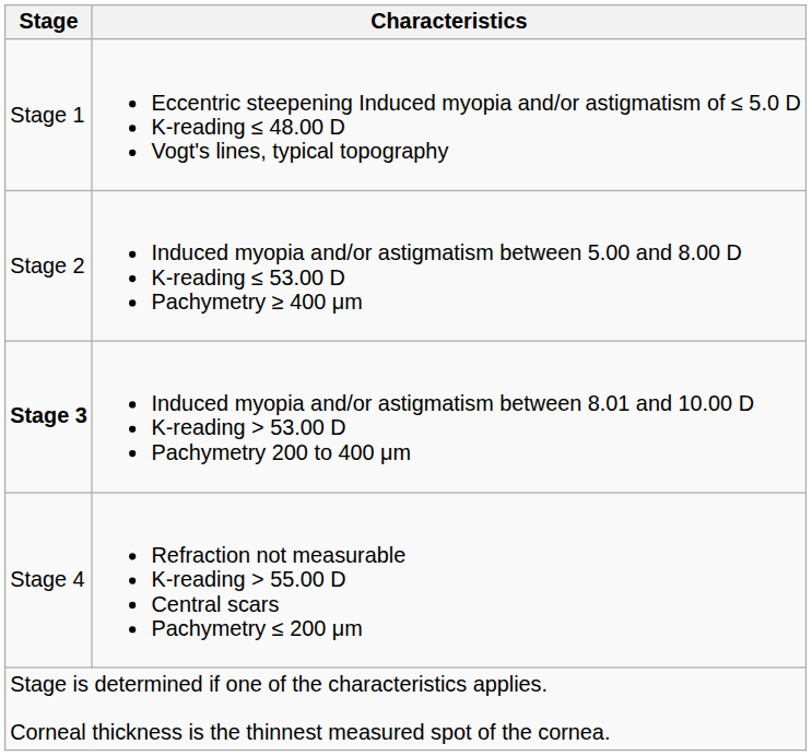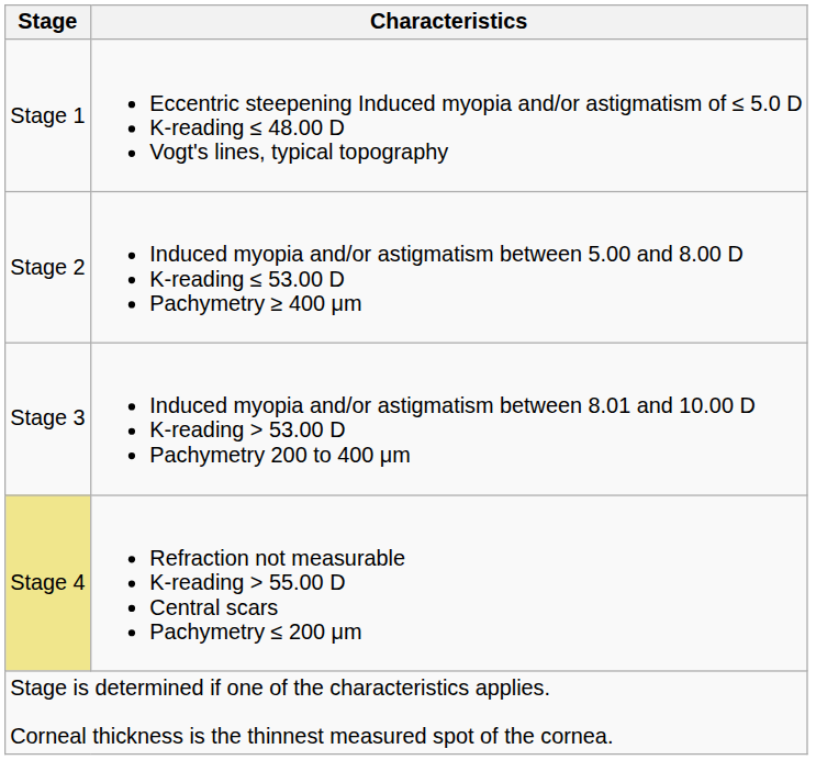 <table class="wikitable">
 <tr>
 <th>Stage</th>
 <th>Characteristics</th>
 </tr>
 <tr>
 <td>Stage 1</td>
 <td><br><ul><li>Eccentric steepening Induced myopia and/or astigmatism of ≤ 5.0 D</li><li>K-reading ≤ 48.00 D</li><li>Vogt's lines, typical topography</li></ul></td>
 </tr>
 <tr>
 <td>Stage 2</td>
 <td><br><ul><li>Induced myopia and/or astigmatism between 5.00 and 8.00 D</li><li>K-reading ≤ 53.00 D</li><li>Pachymetry ≥ 400 μm</li></ul></td>
 </tr>
 <tr>
-<td><strong>Stage 3</strong></td>
+<td>Stage 3</td>
 <td><br><ul><li>Induced myopia and/or astigmatism between 8.01 and 10.00 D</li><li>K-reading > 53.00 D</li><li>Pachymetry 200 to 400 μm</li></ul></td>
 </tr>
 <tr>
-<td>Stage 4</td>
+<td style="background: khaki;">Stage 4</td>
 <td><br><ul><li>Refraction not measurable</li><li>K-reading > 55.00 D</li><li>Central scars</li><li>Pachymetry  ≤ 200 μm</li></ul></td>
 </tr>
 <tr>
 <td colspan="2">Stage is determined if one of the characteristics applies.<br><br>Corneal thickness is the thinnest measured spot of the cornea.</td>
 </tr>
 </table>
